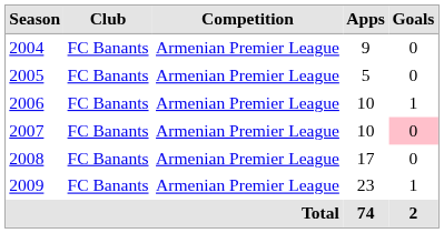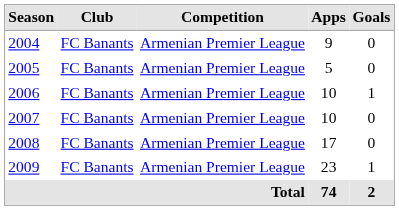 <table cellspacing="0" cellpadding="3" style="border:1px solid #AAAAAA;font-size:90%">
 <tr bgcolor="#E4E4E4">
 <th style="border-bottom:1px solid #AAAAAA">Season</th>
 <th style="border-bottom:1px solid #AAAAAA">Club</th>
 <th style="border-bottom:1px solid #AAAAAA">Competition</th>
 <th style="border-bottom:1px solid #AAAAAA" align="center">Apps</th>
 <th style="border-bottom:1px solid #AAAAAA" align="center">Goals</th>
 </tr>
 <tr>
 <td><a href='#'>2004</a></td>
 <td><a href='#'>FC Banants</a></td>
 <td><a href='#'>Armenian Premier League</a></td>
 <td align="center">9</td>
 <td align="center">0</td>
 </tr>
 <tr>
 <td><a href='#'>2005</a></td>
 <td><a href='#'>FC Banants</a></td>
 <td><a href='#'>Armenian Premier League</a></td>
 <td align="center">5</td>
 <td align="center">0</td>
 </tr>
 <tr>
 <td><a href='#'>2006</a></td>
 <td><a href='#'>FC Banants</a></td>
 <td><a href='#'>Armenian Premier League</a></td>
 <td align="center">10</td>
 <td align="center">1</td>
 </tr>
 <tr>
 <td><a href='#'>2007</a></td>
 <td><a href='#'>FC Banants</a></td>
 <td><a href='#'>Armenian Premier League</a></td>
 <td align="center">10</td>
-<td align="center" style="background: pink;">0</td>
+<td align="center">0</td>
 </tr>
 <tr>
 <td><a href='#'>2008</a></td>
 <td><a href='#'>FC Banants</a></td>
 <td><a href='#'>Armenian Premier League</a></td>
 <td align="center">17</td>
 <td align="center">0</td>
 </tr>
 <tr>
 <td><a href='#'>2009</a></td>
 <td><a href='#'>FC Banants</a></td>
 <td><a href='#'>Armenian Premier League</a></td>
 <td align="center">23</td>
 <td align="center">1</td>
 </tr>
 <tr>
 </tr>
 <tr style="background:#E4E4E4;">
 <th ! colspan="3"  align="right">Total</th>
 <th>74</th>
 <th>2</th>
 </tr>
 <tr>
 </tr>
 </table>
